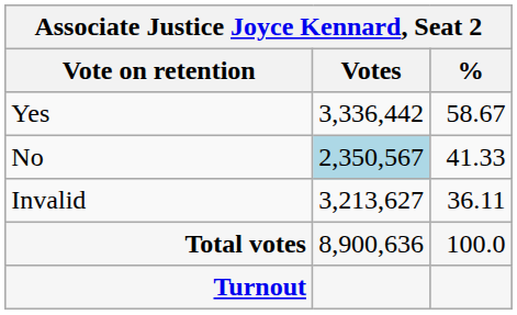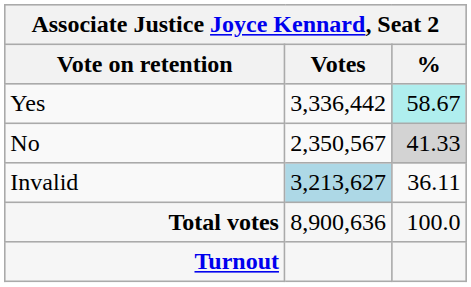 <table class="wikitable" style="font-size: 95%; clear:both">
 <tr style="background-color:#E9E9E9">
 <th colspan=7>Associate Justice <a href='#'>Joyce Kennard</a>, Seat 2</th>
 </tr>
 <tr style="background-color:#E9E9E9">
 <th style="width: 170px">Vote on retention</th>
 <th style="width: 50px">Votes</th>
 <th style="width: 40px">%</th>
 </tr>
 <tr>
 <td>Yes</td>
 <td align="right">3,336,442</td>
-<td align="right">58.67</td>
+<td align="right" style="background: paleturquoise;">58.67</td>
 </tr>
 <tr>
 <td>No</td>
-<td align="right" style="background: lightblue;">2,350,567</td>
-<td align="right">41.33</td>
+<td align="right">2,350,567</td>
+<td align="right" style="background: lightgrey;">41.33</td>
 </tr>
 <tr>
 <td>Invalid</td>
-<td align="right">3,213,627</td>
+<td align="right" style="background: lightblue;">3,213,627</td>
 <td align="right">36.11</td>
 </tr>
 <tr style="background-color:#F6F6F6">
 <td colspan="1" align="right"><strong>Total votes</strong></td>
 <td align="right">8,900,636</td>
 <td align="right">100.0</td>
 </tr>
 <tr style="background-color:#F6F6F6">
 <td colspan="1" style="text-align: right; margin-right: 0.5em"><strong><a href='#'>Turnout</a></strong></td>
 <td style="text-align: right; margin-right: 0.5em"></td>
 <td style="text-align: right; margin-right: 0.5em"></td>
 </tr>
 </table>
